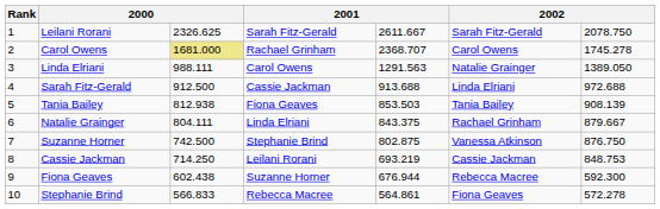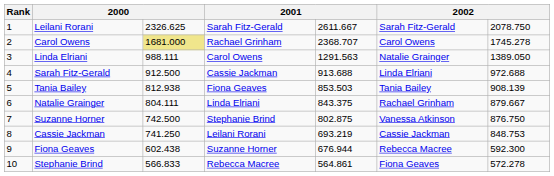 <table class=wikitable>
 <tr>
 <th>Rank</th>
 <th colspan=2 width="280">2000</th>
 <th colspan=2 width="280">2001</th>
 <th colspan=2 width="280">2002</th>
 </tr>
 <tr>
 <td>1</td>
 <td> <a href='#'>Leilani Rorani</a></td>
 <td>2326.625</td>
 <td> <a href='#'>Sarah Fitz-Gerald</a></td>
 <td>2611.667</td>
 <td> <a href='#'>Sarah Fitz-Gerald</a></td>
 <td>2078.750</td>
 </tr>
 <tr>
 <td>2</td>
 <td> <a href='#'>Carol Owens</a></td>
 <td style="background: khaki;">1681.000</td>
 <td> <a href='#'>Rachael Grinham</a></td>
 <td>2368.707</td>
 <td> <a href='#'>Carol Owens</a></td>
 <td>1745.278</td>
 </tr>
 <tr>
 <td>3</td>
 <td> <a href='#'>Linda Elriani</a></td>
 <td>988.111</td>
 <td> <a href='#'>Carol Owens</a></td>
 <td>1291.563</td>
 <td> <a href='#'>Natalie Grainger</a></td>
 <td>1389.050</td>
 </tr>
 <tr>
 <td>4</td>
 <td> <a href='#'>Sarah Fitz-Gerald</a></td>
 <td>912.500</td>
 <td> <a href='#'>Cassie Jackman</a></td>
 <td>913.688</td>
 <td> <a href='#'>Linda Elriani</a></td>
 <td>972.688</td>
 </tr>
 <tr>
 <td>5</td>
 <td> <a href='#'>Tania Bailey</a></td>
 <td>812.938</td>
 <td> <a href='#'>Fiona Geaves</a></td>
 <td>853.503</td>
 <td> <a href='#'>Tania Bailey</a></td>
 <td>908.139</td>
 </tr>
 <tr>
 <td>6</td>
 <td> <a href='#'>Natalie Grainger</a></td>
 <td>804.111</td>
 <td> <a href='#'>Linda Elriani</a></td>
 <td>843.375</td>
 <td> <a href='#'>Rachael Grinham</a></td>
 <td>879.667</td>
 </tr>
 <tr>
 <td>7</td>
 <td> <a href='#'>Suzanne Horner</a></td>
 <td>742.500</td>
 <td> <a href='#'>Stephanie Brind</a></td>
 <td>802.875</td>
 <td> <a href='#'>Vanessa Atkinson</a></td>
 <td>876.750</td>
 </tr>
 <tr>
 <td>8</td>
 <td> <a href='#'>Cassie Jackman</a></td>
-<td>714.250</td>
+<td>741.250</td>
 <td> <a href='#'>Leilani Rorani</a></td>
 <td>693.219</td>
 <td> <a href='#'>Cassie Jackman</a></td>
 <td>848.753</td>
 </tr>
 <tr>
 <td>9</td>
 <td> <a href='#'>Fiona Geaves</a></td>
 <td>602.438</td>
 <td> <a href='#'>Suzanne Horner</a></td>
 <td>676.944</td>
 <td> <a href='#'>Rebecca Macree</a></td>
 <td>592.300</td>
 </tr>
 <tr>
 <td>10</td>
 <td> <a href='#'>Stephanie Brind</a></td>
 <td>566.833</td>
 <td> <a href='#'>Rebecca Macree</a></td>
 <td>564.861</td>
 <td> <a href='#'>Fiona Geaves</a></td>
 <td>572.278</td>
 </tr>
 </table>
